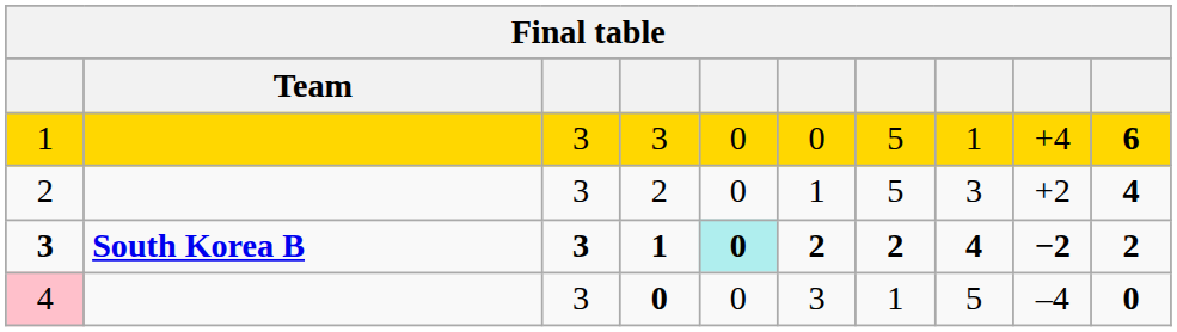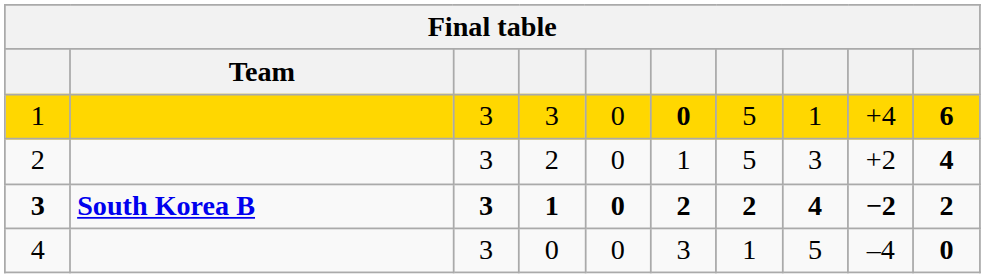 <table class="wikitable" style="text-align: center;">
 <tr>
 <th colspan="10">Final table</th>
 </tr>
 <tr>
 <th width=30></th>
 <th width="210">Team</th>
 <th width=30></th>
 <th width=30></th>
 <th width=30></th>
 <th width=30></th>
 <th width=30></th>
 <th width=30></th>
 <th width=30></th>
 <th width=30></th>
 </tr>
 <tr bgcolor="gold">
 <td>1</td>
 <td style="text-align:left"></td>
 <td>3</td>
 <td>3</td>
 <td>0</td>
-<td>0</td>
+<td><strong>0</strong></td>
 <td>5</td>
 <td>1</td>
 <td>+4</td>
 <td><strong>6</strong></td>
 </tr>
 <tr>
 <td>2</td>
 <td style="text-align:left"></td>
 <td>3</td>
 <td>2</td>
 <td>0</td>
 <td>1</td>
 <td>5</td>
 <td>3</td>
 <td>+2</td>
 <td><strong>4</strong></td>
 </tr>
 <tr>
 <td><strong>3</strong></td>
 <td style="text-align:left"><strong> <a href='#'>South Korea B</a></strong></td>
 <td><strong>3</strong></td>
 <td><strong>1</strong></td>
-<td style="background: paleturquoise;"><strong>0</strong></td>
+<td><strong>0</strong></td>
 <td><strong>2</strong></td>
 <td><strong>2</strong></td>
 <td><strong>4</strong></td>
 <td><strong>−2</strong></td>
 <td><strong>2</strong></td>
 </tr>
 <tr>
-<td style="background: pink;">4</td>
+<td>4</td>
 <td style="text-align:left"></td>
 <td>3</td>
-<td><strong>0</strong></td>
+<td>0</td>
 <td>0</td>
 <td>3</td>
 <td>1</td>
 <td>5</td>
 <td>–4</td>
 <td><strong>0</strong></td>
 </tr>
 </table>
